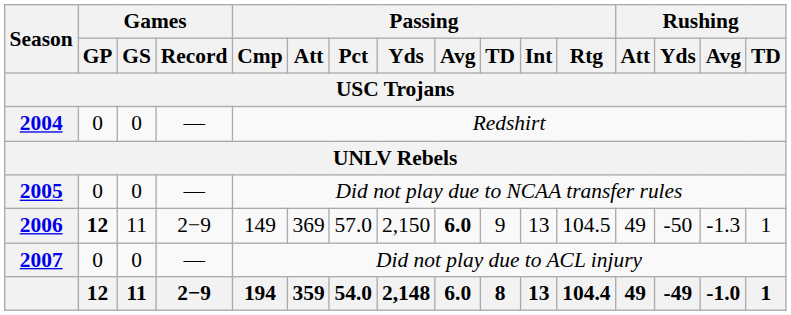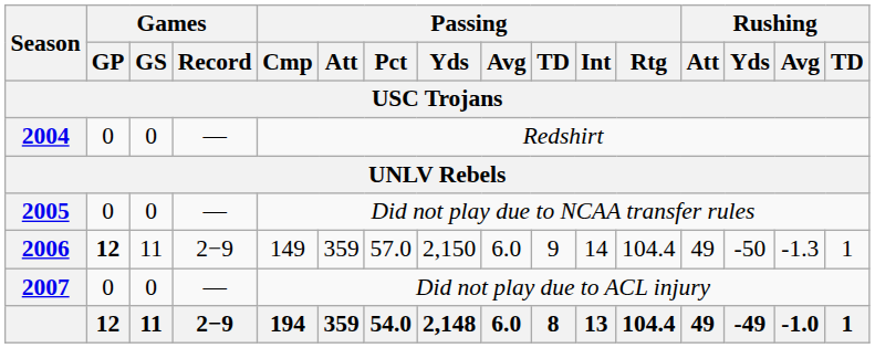 <table class="wikitable" style="text-align:center;">
 <tr>
 <th rowspan="2">Season</th>
 <th colspan="3">Games</th>
 <th colspan="8">Passing</th>
 <th colspan="5">Rushing</th>
 </tr>
 <tr>
 <th>GP</th>
 <th>GS</th>
 <th>Record</th>
 <th>Cmp</th>
 <th>Att</th>
 <th>Pct</th>
 <th>Yds</th>
 <th>Avg</th>
 <th>TD</th>
 <th>Int</th>
 <th>Rtg</th>
 <th>Att</th>
 <th>Yds</th>
 <th>Avg</th>
 <th>TD</th>
 </tr>
 <tr>
 <th colspan="16">USC Trojans</th>
 </tr>
 <tr>
 <th><a href='#'>2004</a></th>
 <td>0</td>
 <td>0</td>
 <td>—</td>
 <td colspan="12"><em>Redshirt </em></td>
 </tr>
 <tr>
 <th colspan="16">UNLV Rebels</th>
 </tr>
 <tr>
 <th><a href='#'>2005</a></th>
 <td>0</td>
 <td>0</td>
 <td>—</td>
 <td colspan="12"><em>Did not play due to NCAA transfer rules</em></td>
 </tr>
 <tr>
 <th><a href='#'>2006</a></th>
 <td><strong>12</strong></td>
 <td>11</td>
 <td>2−9</td>
 <td>149</td>
-<td>369</td>
+<td>359</td>
 <td>57.0</td>
 <td>2,150</td>
-<td><strong>6.0</strong></td>
+<td>6.0</td>
 <td>9</td>
-<td>13</td>
-<td>104.5</td>
+<td>14</td>
+<td>104.4</td>
 <td>49</td>
 <td>-50</td>
 <td>-1.3</td>
 <td>1</td>
 </tr>
 <tr>
 <th><a href='#'>2007</a></th>
 <td>0</td>
 <td>0</td>
 <td>—</td>
 <td colspan="12"><em>Did not play due to ACL injury</em></td>
 </tr>
 <tr>
 <th></th>
 <th>12</th>
 <th>11</th>
 <th>2−9</th>
 <th>194</th>
 <th>359</th>
 <th>54.0</th>
 <th>2,148</th>
 <th>6.0</th>
 <th>8</th>
 <th>13</th>
 <th>104.4</th>
 <th>49</th>
 <th>-49</th>
 <th>-1.0</th>
 <th>1</th>
 </tr>
 </table>
